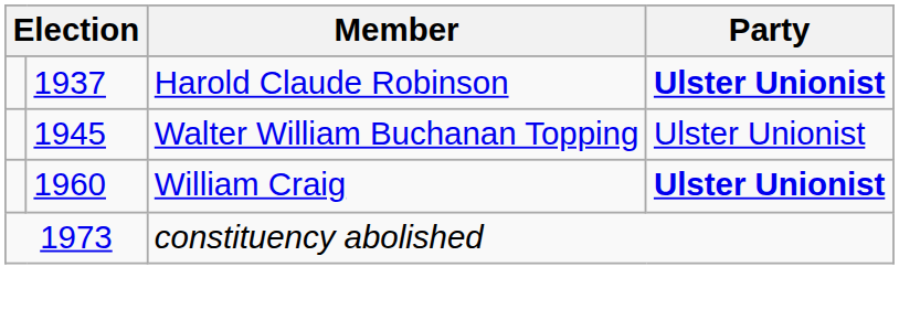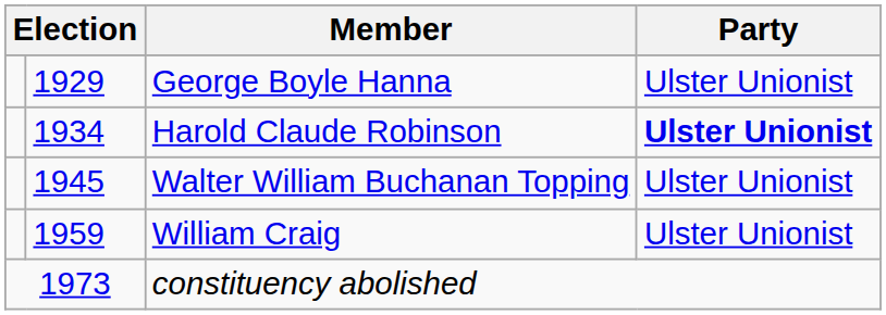 <table class="wikitable">
 <tr>
 <th colspan="2">Election</th>
 <th>Member</th>
 <th>Party</th>
 </tr>
 <tr>
 <td style="background-color: "></td>
-<td><a href='#'>1937</a></td>
+<td><a href='#'>1929</a></td>
+<td><a href='#'>George Boyle Hanna</a></td>
+<td><a href='#'>Ulster Unionist</a></td>
+</tr>
+<tr>
+<td style="background-color: "></td>
+<td><a href='#'>1934</a></td>
 <td><a href='#'>Harold Claude Robinson</a></td>
 <td><strong><a href='#'>Ulster Unionist</a></strong></td>
 </tr>
 <tr>
 <td style="background-color: "></td>
 <td><a href='#'>1945</a></td>
 <td><a href='#'>Walter William Buchanan Topping</a></td>
 <td><a href='#'>Ulster Unionist</a></td>
 </tr>
 <tr>
 <td style="background-color: "></td>
-<td><a href='#'>1960</a></td>
+<td><a href='#'>1959</a></td>
 <td><a href='#'>William Craig</a></td>
-<td><strong><a href='#'>Ulster Unionist</a></strong></td>
+<td><a href='#'>Ulster Unionist</a></td>
 </tr>
 <tr>
 <td colspan="2" align="center"><a href='#'>1973</a></td>
 <td colspan="2"><em>constituency abolished</em></td>
 </tr>
 </table>
